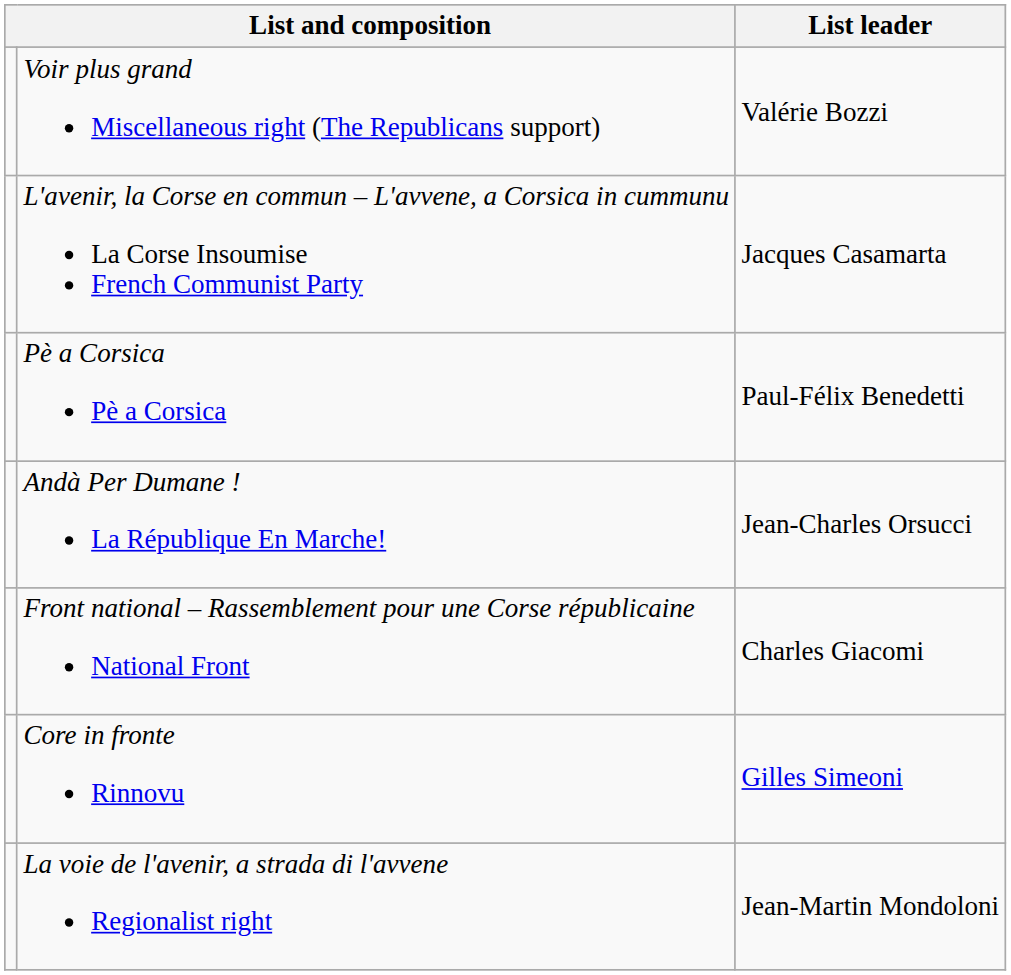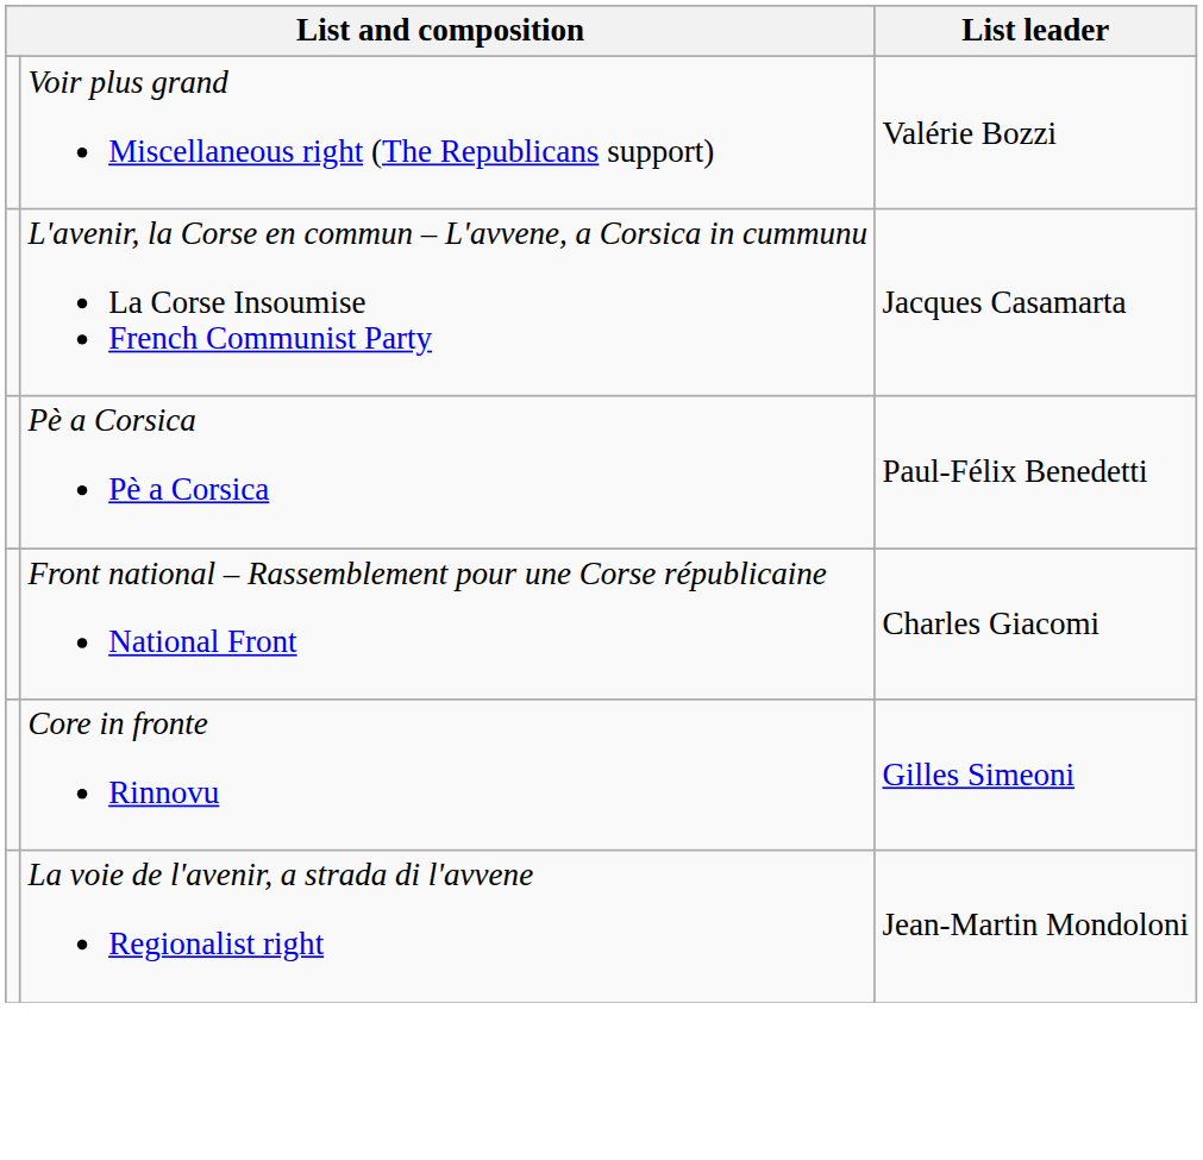 <table class="wikitable">
 <tr>
 <th colspan="2">List and composition</th>
 <th>List leader</th>
 </tr>
 <tr>
 <td style="background:"></td>
 <td><em>Voir plus grand</em><br><ul><li><a href='#'>Miscellaneous right</a> (<a href='#'>The Republicans</a> support)</li></ul></td>
 <td>Valérie Bozzi</td>
 </tr>
 <tr>
 <td style="background:"></td>
 <td><em>L'avenir, la Corse en commun – L'avvene, a Corsica in cummunu</em><br><ul><li>La Corse Insoumise</li><li><a href='#'>French Communist Party</a></li></ul></td>
 <td>Jacques Casamarta</td>
 </tr>
 <tr>
 <td style="background:"></td>
 <td><em>Pè a Corsica</em><br><ul><li><a href='#'>Pè a Corsica</a></li></ul></td>
 <td>Paul-Félix Benedetti</td>
 </tr>
 <tr>
 <td style="background:"></td>
-<td><em>Andà Per Dumane !</em><br><ul><li><a href='#'>La République En Marche!</a></li></ul></td>
-<td>Jean-Charles Orsucci</td>
-</tr>
-<tr>
-<td style="background:"></td>
 <td><em>Front national – Rassemblement pour une Corse républicaine</em><br><ul><li><a href='#'>National Front</a></li></ul></td>
 <td>Charles Giacomi</td>
 </tr>
 <tr>
 <td style="background:"></td>
 <td><em>Core in fronte</em><br><ul><li><a href='#'>Rinnovu</a></li></ul></td>
 <td><a href='#'>Gilles Simeoni</a></td>
 </tr>
 <tr>
 <td style="background:"></td>
 <td><em>La voie de l'avenir, a strada di l'avvene</em><br><ul><li><a href='#'>Regionalist right</a></li></ul></td>
 <td>Jean-Martin Mondoloni</td>
 </tr>
 </table>
